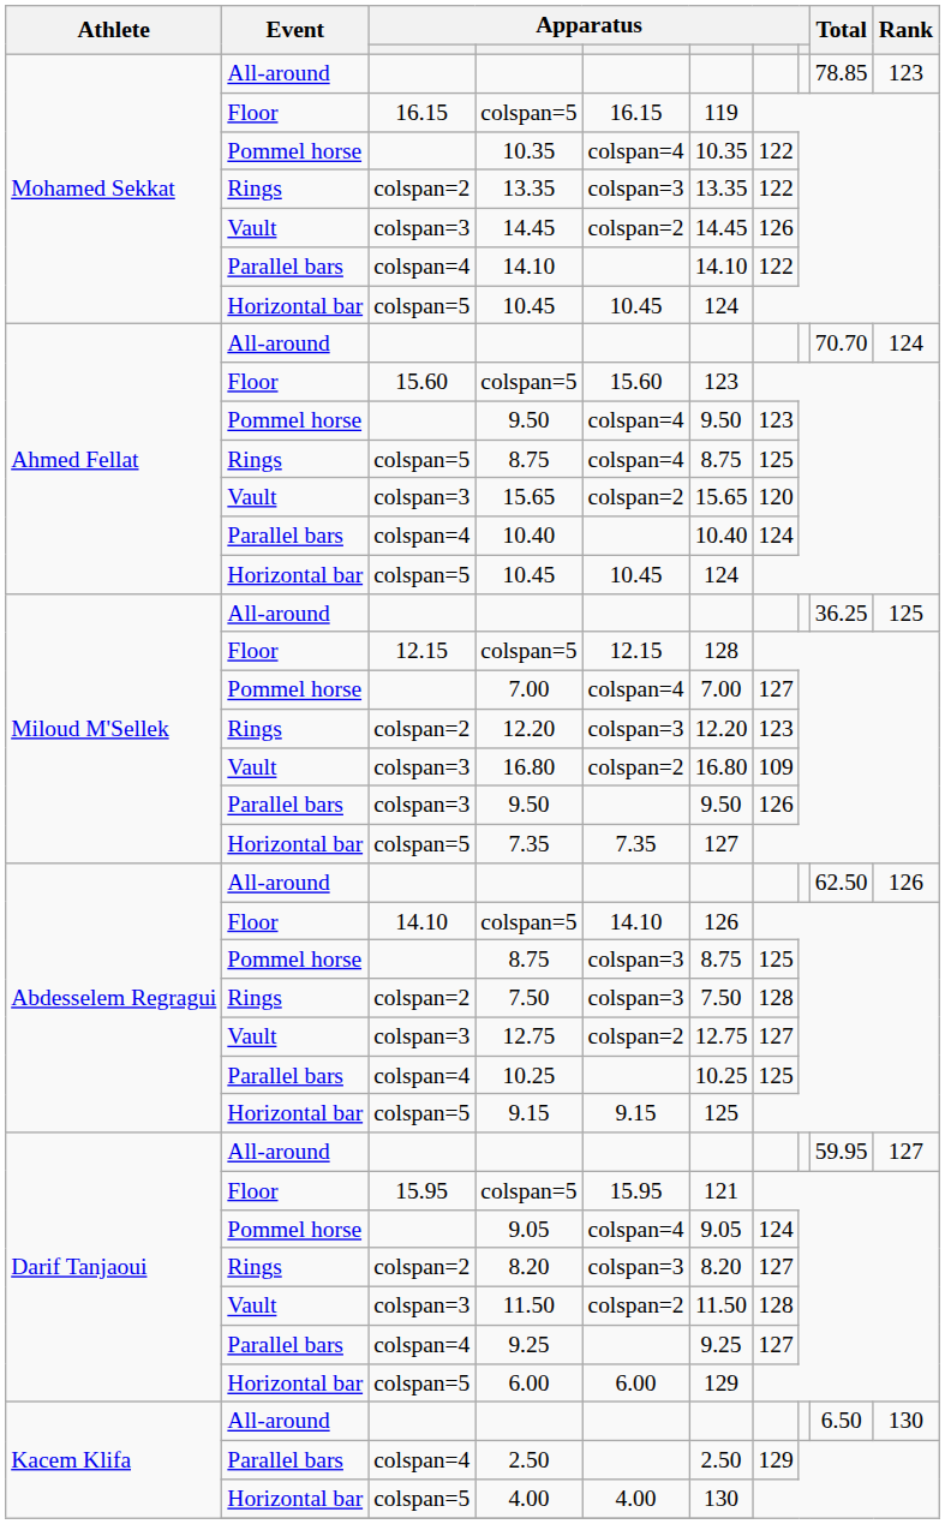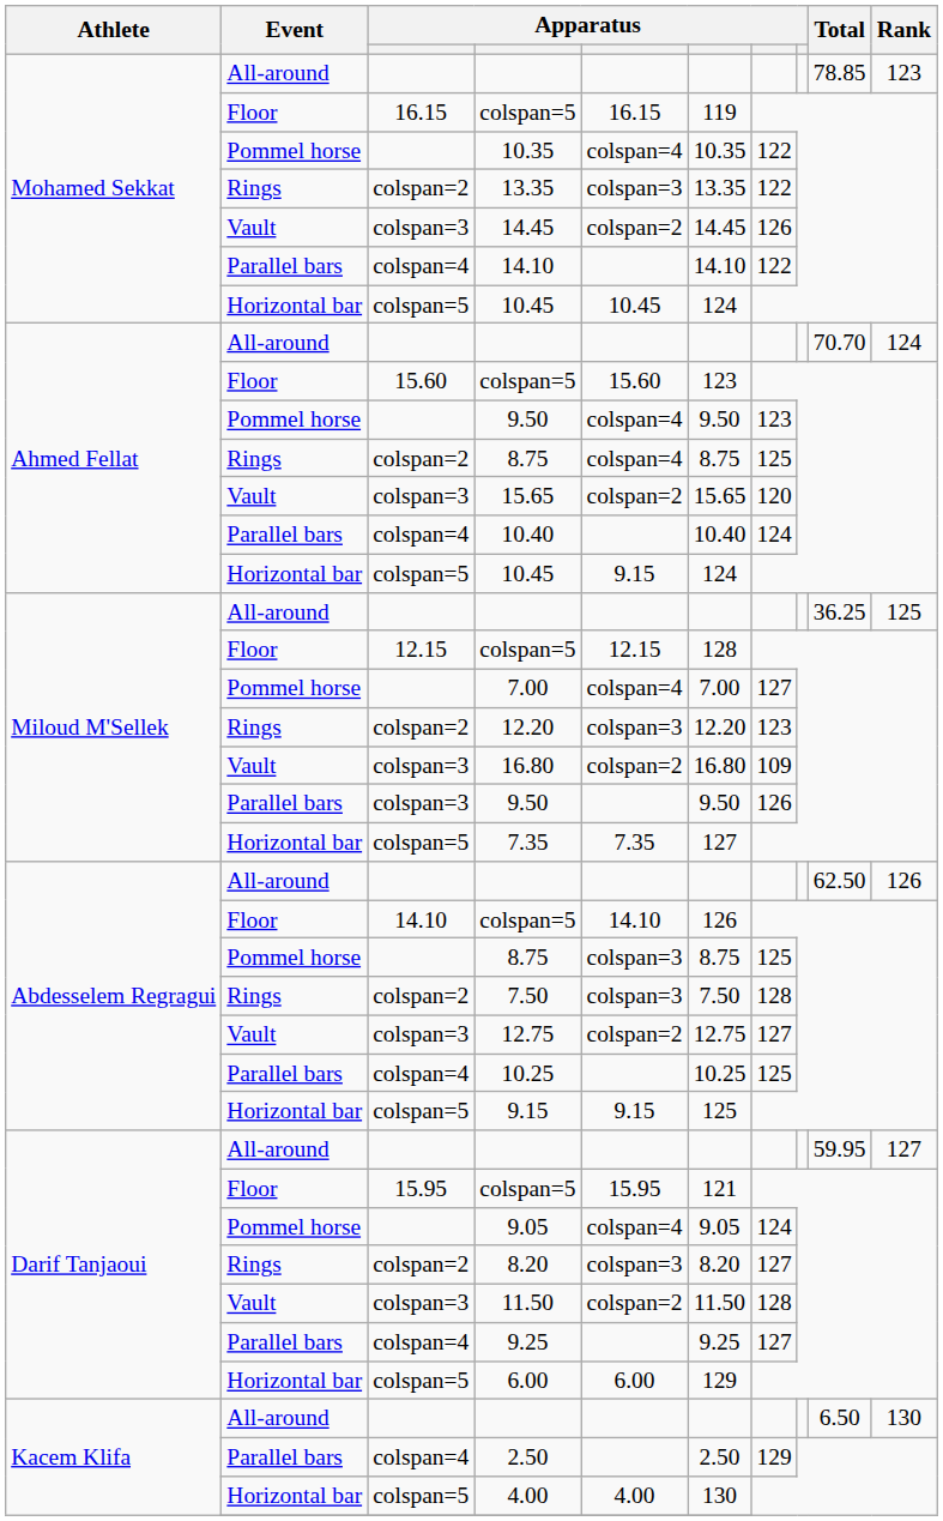 <table class="wikitable" style="font-size:90%">
 <tr>
 <th rowspan=2>Athlete</th>
 <th rowspan=2>Event</th>
 <th colspan =6>Apparatus</th>
 <th rowspan=2>Total</th>
 <th rowspan=2>Rank</th>
 </tr>
 <tr style="font-size:95%">
 <th></th>
 <th></th>
 <th></th>
 <th></th>
 <th></th>
 <th></th>
 </tr>
 <tr align=center>
 <td align=left rowspan=7><a href='#'>Mohamed Sekkat</a></td>
 <td align=left><a href='#'>All-around</a></td>
 <td></td>
 <td></td>
 <td></td>
 <td></td>
 <td></td>
 <td></td>
 <td>78.85</td>
 <td>123</td>
 </tr>
 <tr align=center>
 <td align=left><a href='#'>Floor</a></td>
 <td>16.15</td>
 <td>colspan=5 </td>
 <td>16.15</td>
 <td>119</td>
 </tr>
 <tr align=center>
 <td align=left><a href='#'>Pommel horse</a></td>
 <td></td>
 <td>10.35</td>
 <td>colspan=4 </td>
 <td>10.35</td>
 <td>122</td>
 </tr>
 <tr align=center>
 <td align=left><a href='#'>Rings</a></td>
 <td>colspan=2 </td>
 <td>13.35</td>
 <td>colspan=3 </td>
 <td>13.35</td>
 <td>122</td>
 </tr>
 <tr align=center>
 <td align=left><a href='#'>Vault</a></td>
 <td>colspan=3 </td>
 <td>14.45</td>
 <td>colspan=2 </td>
 <td>14.45</td>
 <td>126</td>
 </tr>
 <tr align=center>
 <td align=left><a href='#'>Parallel bars</a></td>
 <td>colspan=4 </td>
 <td>14.10</td>
 <td></td>
 <td>14.10</td>
 <td>122</td>
 </tr>
 <tr align=center>
 <td align=left><a href='#'>Horizontal bar</a></td>
 <td>colspan=5 </td>
 <td>10.45</td>
 <td>10.45</td>
 <td>124</td>
 </tr>
 <tr align=center>
 <td align=left rowspan=7><a href='#'>Ahmed Fellat</a></td>
 <td align=left><a href='#'>All-around</a></td>
 <td></td>
 <td></td>
 <td></td>
 <td></td>
 <td></td>
 <td></td>
 <td>70.70</td>
 <td>124</td>
 </tr>
 <tr align=center>
 <td align=left><a href='#'>Floor</a></td>
 <td>15.60</td>
 <td>colspan=5 </td>
 <td>15.60</td>
 <td>123</td>
 </tr>
 <tr align=center>
 <td align=left><a href='#'>Pommel horse</a></td>
 <td></td>
 <td>9.50</td>
 <td>colspan=4 </td>
 <td>9.50</td>
 <td>123</td>
 </tr>
 <tr align=center>
 <td align=left><a href='#'>Rings</a></td>
-<td>colspan=5 </td>
+<td>colspan=2 </td>
 <td>8.75</td>
 <td>colspan=4 </td>
 <td>8.75</td>
 <td>125</td>
 </tr>
 <tr align=center>
 <td align=left><a href='#'>Vault</a></td>
 <td>colspan=3 </td>
 <td>15.65</td>
 <td>colspan=2 </td>
 <td>15.65</td>
 <td>120</td>
 </tr>
 <tr align=center>
 <td align=left><a href='#'>Parallel bars</a></td>
 <td>colspan=4 </td>
 <td>10.40</td>
 <td></td>
 <td>10.40</td>
 <td>124</td>
 </tr>
 <tr align=center>
 <td align=left><a href='#'>Horizontal bar</a></td>
 <td>colspan=5 </td>
 <td>10.45</td>
-<td>10.45</td>
+<td>9.15</td>
 <td>124</td>
 </tr>
 <tr align=center>
 <td align=left rowspan=7><a href='#'>Miloud M'Sellek</a></td>
 <td align=left><a href='#'>All-around</a></td>
 <td></td>
 <td></td>
 <td></td>
 <td></td>
 <td></td>
 <td></td>
 <td>36.25</td>
 <td>125</td>
 </tr>
 <tr align=center>
 <td align=left><a href='#'>Floor</a></td>
 <td>12.15</td>
 <td>colspan=5 </td>
 <td>12.15</td>
 <td>128</td>
 </tr>
 <tr align=center>
 <td align=left><a href='#'>Pommel horse</a></td>
 <td></td>
 <td>7.00</td>
 <td>colspan=4 </td>
 <td>7.00</td>
 <td>127</td>
 </tr>
 <tr align=center>
 <td align=left><a href='#'>Rings</a></td>
 <td>colspan=2 </td>
 <td>12.20</td>
 <td>colspan=3 </td>
 <td>12.20</td>
 <td>123</td>
 </tr>
 <tr align=center>
 <td align=left><a href='#'>Vault</a></td>
 <td>colspan=3 </td>
 <td>16.80</td>
 <td>colspan=2 </td>
 <td>16.80</td>
 <td>109</td>
 </tr>
 <tr align=center>
 <td align=left><a href='#'>Parallel bars</a></td>
 <td>colspan=3 </td>
 <td>9.50</td>
 <td></td>
 <td>9.50</td>
 <td>126</td>
 </tr>
 <tr align=center>
 <td align=left><a href='#'>Horizontal bar</a></td>
 <td>colspan=5 </td>
 <td>7.35</td>
 <td>7.35</td>
 <td>127</td>
 </tr>
 <tr align=center>
 <td align=left rowspan=7><a href='#'>Abdesselem Regragui</a></td>
 <td align=left><a href='#'>All-around</a></td>
 <td></td>
 <td></td>
 <td></td>
 <td></td>
 <td></td>
 <td></td>
 <td>62.50</td>
 <td>126</td>
 </tr>
 <tr align=center>
 <td align=left><a href='#'>Floor</a></td>
 <td>14.10</td>
 <td>colspan=5 </td>
 <td>14.10</td>
 <td>126</td>
 </tr>
 <tr align=center>
 <td align=left><a href='#'>Pommel horse</a></td>
 <td></td>
 <td>8.75</td>
 <td>colspan=3 </td>
 <td>8.75</td>
 <td>125</td>
 </tr>
 <tr align=center>
 <td align=left><a href='#'>Rings</a></td>
 <td>colspan=2 </td>
 <td>7.50</td>
 <td>colspan=3 </td>
 <td>7.50</td>
 <td>128</td>
 </tr>
 <tr align=center>
 <td align=left><a href='#'>Vault</a></td>
 <td>colspan=3 </td>
 <td>12.75</td>
 <td>colspan=2 </td>
 <td>12.75</td>
 <td>127</td>
 </tr>
 <tr align=center>
 <td align=left><a href='#'>Parallel bars</a></td>
 <td>colspan=4 </td>
 <td>10.25</td>
 <td></td>
 <td>10.25</td>
 <td>125</td>
 </tr>
 <tr align=center>
 <td align=left><a href='#'>Horizontal bar</a></td>
 <td>colspan=5 </td>
 <td>9.15</td>
 <td>9.15</td>
 <td>125</td>
 </tr>
 <tr align=center>
 <td align=left rowspan=7><a href='#'>Darif Tanjaoui</a></td>
 <td align=left><a href='#'>All-around</a></td>
 <td></td>
 <td></td>
 <td></td>
 <td></td>
 <td></td>
 <td></td>
 <td>59.95</td>
 <td>127</td>
 </tr>
 <tr align=center>
 <td align=left><a href='#'>Floor</a></td>
 <td>15.95</td>
 <td>colspan=5 </td>
 <td>15.95</td>
 <td>121</td>
 </tr>
 <tr align=center>
 <td align=left><a href='#'>Pommel horse</a></td>
 <td></td>
 <td>9.05</td>
 <td>colspan=4 </td>
 <td>9.05</td>
 <td>124</td>
 </tr>
 <tr align=center>
 <td align=left><a href='#'>Rings</a></td>
 <td>colspan=2 </td>
 <td>8.20</td>
 <td>colspan=3 </td>
 <td>8.20</td>
 <td>127</td>
 </tr>
 <tr align=center>
 <td align=left><a href='#'>Vault</a></td>
 <td>colspan=3 </td>
 <td>11.50</td>
 <td>colspan=2 </td>
 <td>11.50</td>
 <td>128</td>
 </tr>
 <tr align=center>
 <td align=left><a href='#'>Parallel bars</a></td>
 <td>colspan=4 </td>
 <td>9.25</td>
 <td></td>
 <td>9.25</td>
 <td>127</td>
 </tr>
 <tr align=center>
 <td align=left><a href='#'>Horizontal bar</a></td>
 <td>colspan=5 </td>
 <td>6.00</td>
 <td>6.00</td>
 <td>129</td>
 </tr>
 <tr align=center>
 <td align=left rowspan=7><a href='#'>Kacem Klifa</a></td>
 <td align=left><a href='#'>All-around</a></td>
 <td></td>
 <td></td>
 <td></td>
 <td></td>
 <td></td>
 <td></td>
 <td>6.50</td>
 <td>130</td>
 </tr>
 <tr align=center>
 <td align=left><a href='#'>Parallel bars</a></td>
 <td>colspan=4 </td>
 <td>2.50</td>
 <td></td>
 <td>2.50</td>
 <td>129</td>
 </tr>
 <tr align=center>
 <td align=left><a href='#'>Horizontal bar</a></td>
 <td>colspan=5 </td>
 <td>4.00</td>
 <td>4.00</td>
 <td>130</td>
 </tr>
 <tr align=center>
 </tr>
 </table>
